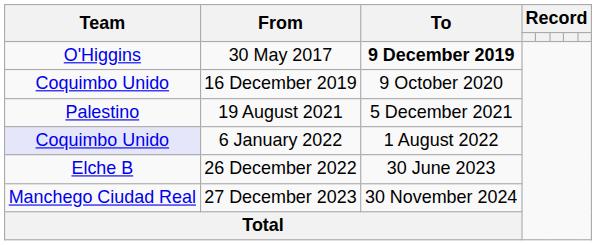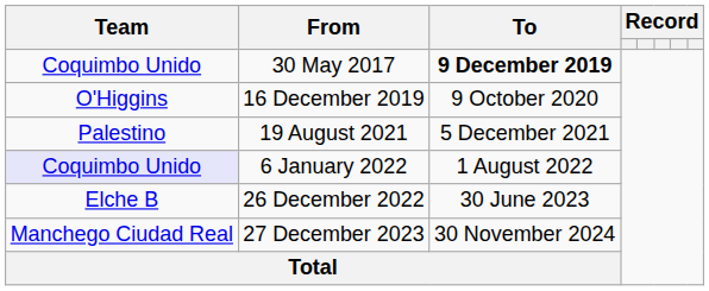 <table class="wikitable" style="text-align: center;">
 <tr>
 <th rowspan="2">Team</th>
 <th rowspan="2">From</th>
 <th rowspan="2">To</th>
 <th colspan="5">Record</th>
 </tr>
 <tr>
 <th></th>
 <th></th>
 <th></th>
 <th></th>
 <th></th>
 </tr>
 <tr>
-<td><a href='#'>O'Higgins</a></td>
+<td><a href='#'>Coquimbo Unido</a></td>
 <td>30 May 2017</td>
 <td><strong>9 December 2019<br></strong></td>
 </tr>
 <tr>
-<td><a href='#'>Coquimbo Unido</a></td>
+<td><a href='#'>O'Higgins</a></td>
 <td>16 December 2019</td>
 <td>9 October 2020<br></td>
 </tr>
 <tr>
 <td><a href='#'>Palestino</a></td>
 <td>19 August 2021</td>
 <td>5 December 2021<br></td>
 </tr>
 <tr>
 <td style="background: lavender;"><a href='#'>Coquimbo Unido</a></td>
 <td>6 January 2022</td>
 <td>1 August 2022<br></td>
 </tr>
 <tr>
 <td><a href='#'>Elche B</a></td>
 <td>26 December 2022</td>
 <td>30 June 2023<br></td>
 </tr>
 <tr>
 <td><a href='#'>Manchego Ciudad Real</a></td>
 <td>27 December 2023</td>
 <td>30 November 2024<br></td>
 </tr>
 <tr>
 <th colspan="3">Total<br></th>
 </tr>
 </table>
